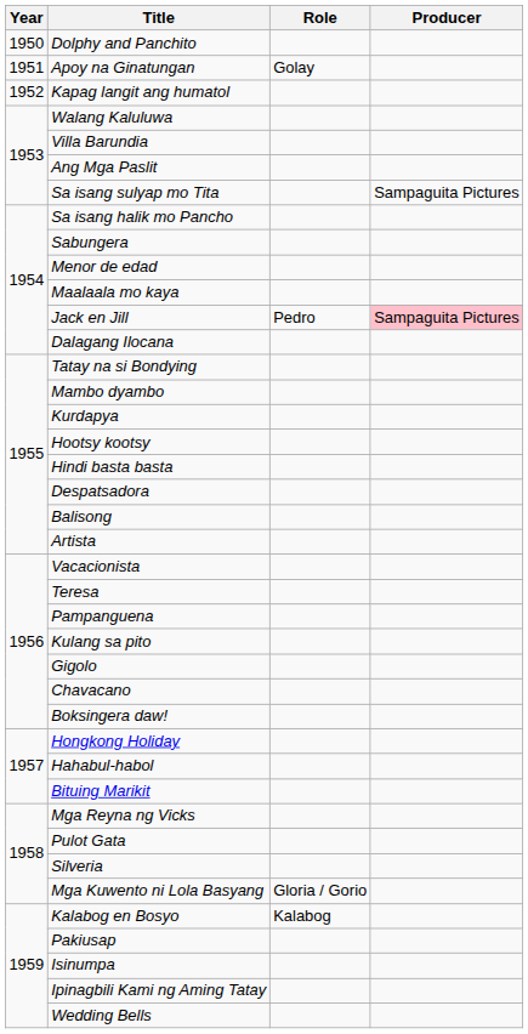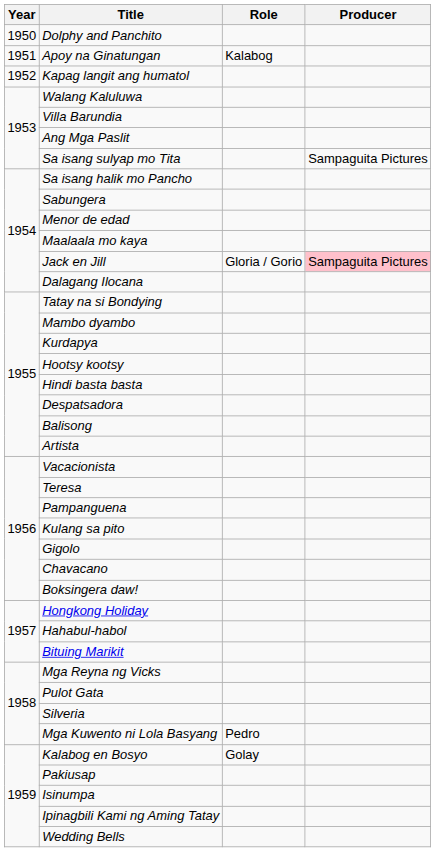 <table class="wikitable">
 <tr>
 <th>Year</th>
 <th>Title</th>
 <th>Role</th>
 <th>Producer</th>
 </tr>
 <tr>
 <td>1950</td>
 <td><em>Dolphy and Panchito</em></td>
 <td></td>
 <td></td>
 </tr>
 <tr>
 <td>1951</td>
 <td><em>Apoy na Ginatungan</em></td>
-<td>Golay</td>
+<td>Kalabog</td>
 <td></td>
 </tr>
 <tr>
 <td>1952</td>
 <td><em>Kapag langit ang humatol</em></td>
 <td></td>
 <td></td>
 </tr>
 <tr>
 <td rowspan="4">1953</td>
 <td><em>Walang Kaluluwa</em></td>
 <td></td>
 <td></td>
 </tr>
 <tr>
 <td><em>Villa Barundia</em></td>
 <td></td>
 <td></td>
 </tr>
 <tr>
 <td><em>Ang Mga Paslit</em></td>
 <td></td>
 <td></td>
 </tr>
 <tr>
 <td><em>Sa isang sulyap mo Tita</em></td>
 <td></td>
 <td>Sampaguita Pictures</td>
 </tr>
 <tr>
 <td rowspan="6">1954</td>
 <td><em>Sa isang halik mo Pancho</em></td>
 <td></td>
 <td></td>
 </tr>
 <tr>
 <td><em>Sabungera</em></td>
 <td></td>
 <td></td>
 </tr>
 <tr>
 <td><em>Menor de edad</em></td>
 <td></td>
 <td></td>
 </tr>
 <tr>
 <td><em>Maalaala mo kaya</em></td>
 <td></td>
 <td></td>
 </tr>
 <tr>
 <td><em>Jack en Jill</em></td>
-<td>Pedro</td>
+<td>Gloria / Gorio</td>
 <td style="background: pink;">Sampaguita Pictures</td>
 </tr>
 <tr>
 <td><em>Dalagang Ilocana</em></td>
 <td></td>
 <td></td>
 </tr>
 <tr>
 <td rowspan="8">1955</td>
 <td><em>Tatay na si Bondying</em></td>
 <td></td>
 <td></td>
 </tr>
 <tr>
 <td><em>Mambo dyambo</em></td>
 <td></td>
 <td></td>
 </tr>
 <tr>
 <td><em>Kurdapya</em></td>
 <td></td>
 <td></td>
 </tr>
 <tr>
 <td><em>Hootsy kootsy</em></td>
 <td></td>
 <td></td>
 </tr>
 <tr>
 <td><em>Hindi basta basta</em></td>
 <td></td>
 <td></td>
 </tr>
 <tr>
 <td><em>Despatsadora</em></td>
 <td></td>
 <td></td>
 </tr>
 <tr>
 <td><em>Balisong</em></td>
 <td></td>
 <td></td>
 </tr>
 <tr>
 <td><em>Artista</em></td>
 <td></td>
 <td></td>
 </tr>
 <tr>
 <td rowspan="7">1956</td>
 <td><em>Vacacionista</em></td>
 <td></td>
 <td></td>
 </tr>
 <tr>
 <td><em>Teresa</em></td>
 <td></td>
 <td></td>
 </tr>
 <tr>
 <td><em>Pampanguena</em></td>
 <td></td>
 <td></td>
 </tr>
 <tr>
 <td><em>Kulang sa pito</em></td>
 <td></td>
 <td></td>
 </tr>
 <tr>
 <td><em>Gigolo</em></td>
 <td></td>
 <td></td>
 </tr>
 <tr>
 <td><em>Chavacano</em></td>
 <td></td>
 <td></td>
 </tr>
 <tr>
 <td><em>Boksingera daw!</em></td>
 <td></td>
 <td></td>
 </tr>
 <tr>
 <td rowspan="3">1957</td>
 <td><em><a href='#'>Hongkong Holiday</a></em></td>
 <td></td>
 <td></td>
 </tr>
 <tr>
 <td><em>Hahabul-habol</em></td>
 <td></td>
 <td></td>
 </tr>
 <tr>
 <td><em><a href='#'>Bituing Marikit</a></em></td>
 <td></td>
 <td></td>
 </tr>
 <tr>
 <td rowspan="4">1958</td>
 <td><em>Mga Reyna ng Vicks</em> </td>
 <td></td>
 <td></td>
 </tr>
 <tr>
 <td><em>Pulot Gata</em> </td>
 <td></td>
 <td></td>
 </tr>
 <tr>
 <td><em>Silveria</em> </td>
 <td></td>
 <td></td>
 </tr>
 <tr>
 <td><em>Mga Kuwento ni Lola Basyang</em> </td>
-<td>Gloria / Gorio</td>
+<td>Pedro</td>
 <td></td>
 </tr>
 <tr>
 <td rowspan="5">1959</td>
 <td><em>Kalabog en Bosyo</em> </td>
-<td>Kalabog</td>
+<td>Golay</td>
 <td></td>
 </tr>
 <tr>
 <td><em>Pakiusap</em></td>
 <td></td>
 <td></td>
 </tr>
 <tr>
 <td><em>Isinumpa</em></td>
 <td></td>
 <td></td>
 </tr>
 <tr>
 <td><em>Ipinagbili Kami ng Aming Tatay</em></td>
 <td></td>
 <td></td>
 </tr>
 <tr>
 <td><em>Wedding Bells</em></td>
 <td></td>
 <td></td>
 </tr>
 </table>
